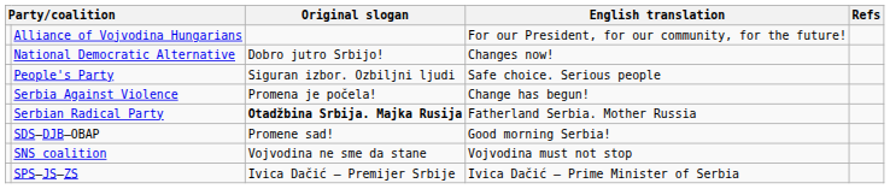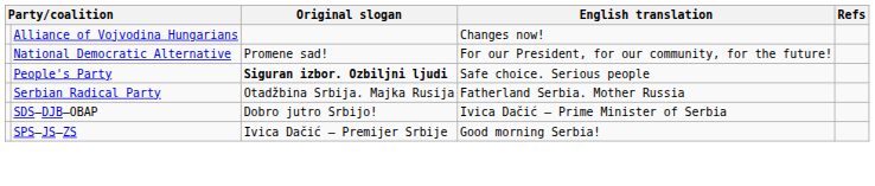 <table class="wikitable" style="font-size:97%; text-align:left">
 <tr>
 <th colspan="2" style="text-align:left">Party/coalition</th>
 <th>Original slogan</th>
 <th>English translation</th>
 <th>Refs</th>
 </tr>
 <tr>
 <td style="background:"></td>
 <td><a href='#'>Alliance of Vojvodina Hungarians</a></td>
 <td></td>
+<td>Changes now!</td>
+<td></td>
+</tr>
+<tr>
+<td style="background:"></td>
+<td><a href='#'>National Democratic Alternative</a></td>
+<td>Promene sad!</td>
 <td>For our President, for our community, for the future!</td>
 <td></td>
 </tr>
 <tr>
 <td style="background:"></td>
-<td><a href='#'>National Democratic Alternative</a></td>
-<td>Dobro jutro Srbijo!</td>
-<td>Changes now!</td>
-<td></td>
-</tr>
-<tr>
-<td style="background:"></td>
 <td><a href='#'>People's Party</a></td>
-<td>Siguran izbor. Ozbiljni ljudi</td>
+<td><strong>Siguran izbor. Ozbiljni ljudi</strong></td>
 <td>Safe choice. Serious people</td>
 <td></td>
 </tr>
 <tr>
 <td style="background:"></td>
-<td><a href='#'>Serbia Against Violence</a></td>
-<td>Promena je počela!</td>
-<td>Change has begun!</td>
-<td></td>
-</tr>
-<tr>
-<td style="background:"></td>
 <td><a href='#'>Serbian Radical Party</a></td>
-<td><strong>Otadžbina Srbija. Majka Rusija</strong></td>
+<td>Otadžbina Srbija. Majka Rusija</td>
 <td>Fatherland Serbia. Mother Russia</td>
 <td></td>
 </tr>
 <tr>
 <td style="background:"></td>
 <td><a href='#'>SDS</a>–<a href='#'>DJB</a>–OBAP</td>
-<td>Promene sad!</td>
-<td>Good morning Serbia!</td>
-<td></td>
-</tr>
-<tr>
-<td style="background:"></td>
-<td><a href='#'>SNS coalition</a></td>
-<td>Vojvodina ne sme da stane</td>
-<td>Vojvodina must not stop</td>
+<td>Dobro jutro Srbijo!</td>
+<td>Ivica Dačić – Prime Minister of Serbia</td>
 <td></td>
 </tr>
 <tr>
 <td style="background:"></td>
 <td><a href='#'>SPS</a>–<a href='#'>JS</a>–<a href='#'>ZS</a></td>
 <td>Ivica Dačić – Premijer Srbije</td>
-<td>Ivica Dačić – Prime Minister of Serbia</td>
+<td>Good morning Serbia!</td>
 <td></td>
 </tr>
 </table>
